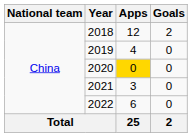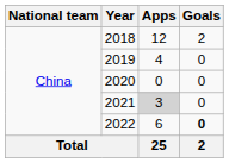 <table class="wikitable" style="text-align:center">
 <tr>
 <th>National team</th>
 <th>Year</th>
 <th>Apps</th>
 <th>Goals</th>
 </tr>
 <tr>
 <td rowspan="5"><a href='#'>China</a></td>
 <td>2018</td>
 <td>12</td>
 <td>2</td>
 </tr>
 <tr>
 <td>2019</td>
 <td>4</td>
 <td>0</td>
 </tr>
 <tr>
 <td>2020</td>
-<td style="background: gold;">0</td>
+<td>0</td>
 <td>0</td>
 </tr>
 <tr>
 <td>2021</td>
-<td>3</td>
+<td style="background: lightgrey;">3</td>
 <td>0</td>
 </tr>
 <tr>
 <td>2022</td>
 <td>6</td>
-<td>0</td>
+<td><strong>0</strong></td>
 </tr>
 <tr>
 <th colspan="2">Total</th>
 <th>25</th>
 <th>2</th>
 </tr>
 </table>
